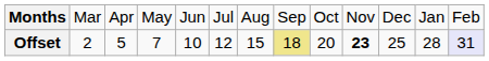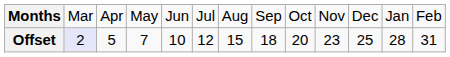 <table class="wikitable" style="text-align:center;">
 <tr>
 <th>Months</th>
 <td>Mar</td>
 <td>Apr</td>
 <td>May</td>
 <td>Jun</td>
 <td>Jul</td>
 <td>Aug</td>
 <td>Sep</td>
 <td>Oct</td>
 <td>Nov</td>
 <td>Dec</td>
 <td>Jan</td>
 <td>Feb</td>
 </tr>
 <tr>
 <th>Offset</th>
-<td>2</td>
+<td style="background: lavender;">2</td>
 <td>5</td>
 <td>7</td>
 <td>10</td>
 <td>12</td>
 <td>15</td>
-<td style="background: khaki;">18</td>
+<td>18</td>
 <td>20</td>
-<td><strong>23</strong></td>
+<td>23</td>
 <td>25</td>
 <td>28</td>
-<td style="background: lavender;">31</td>
+<td>31</td>
 </tr>
 </table>
